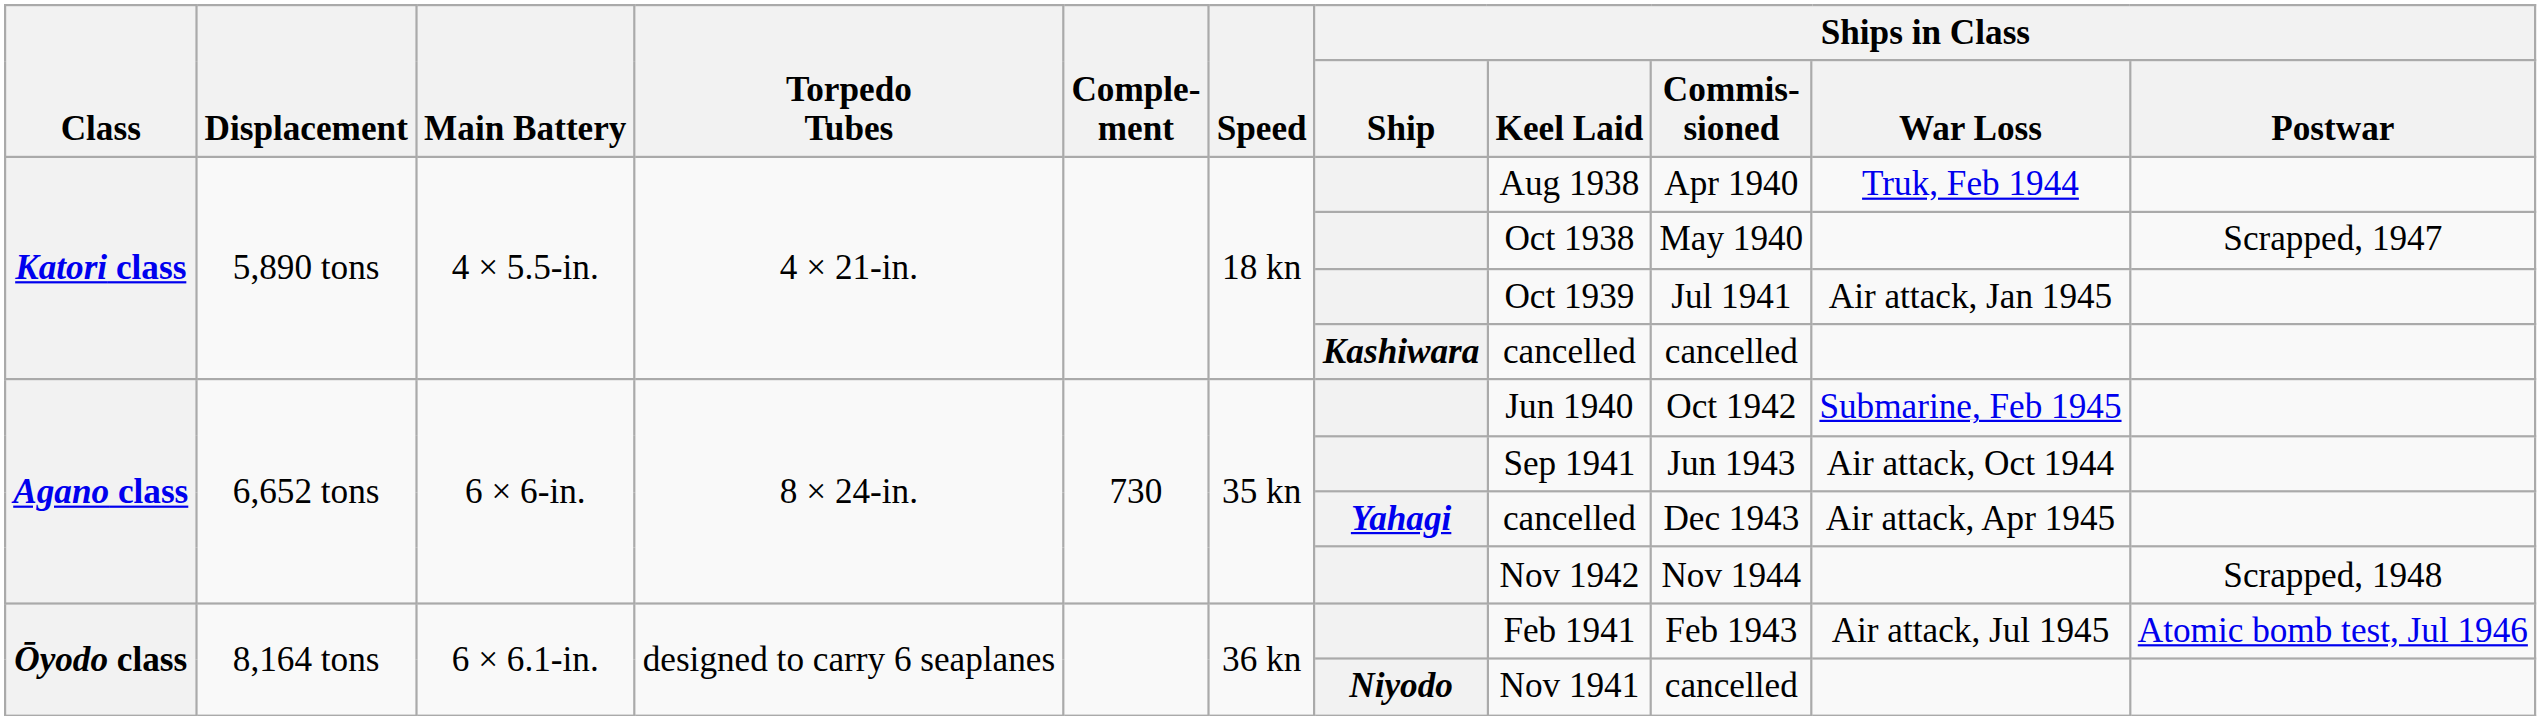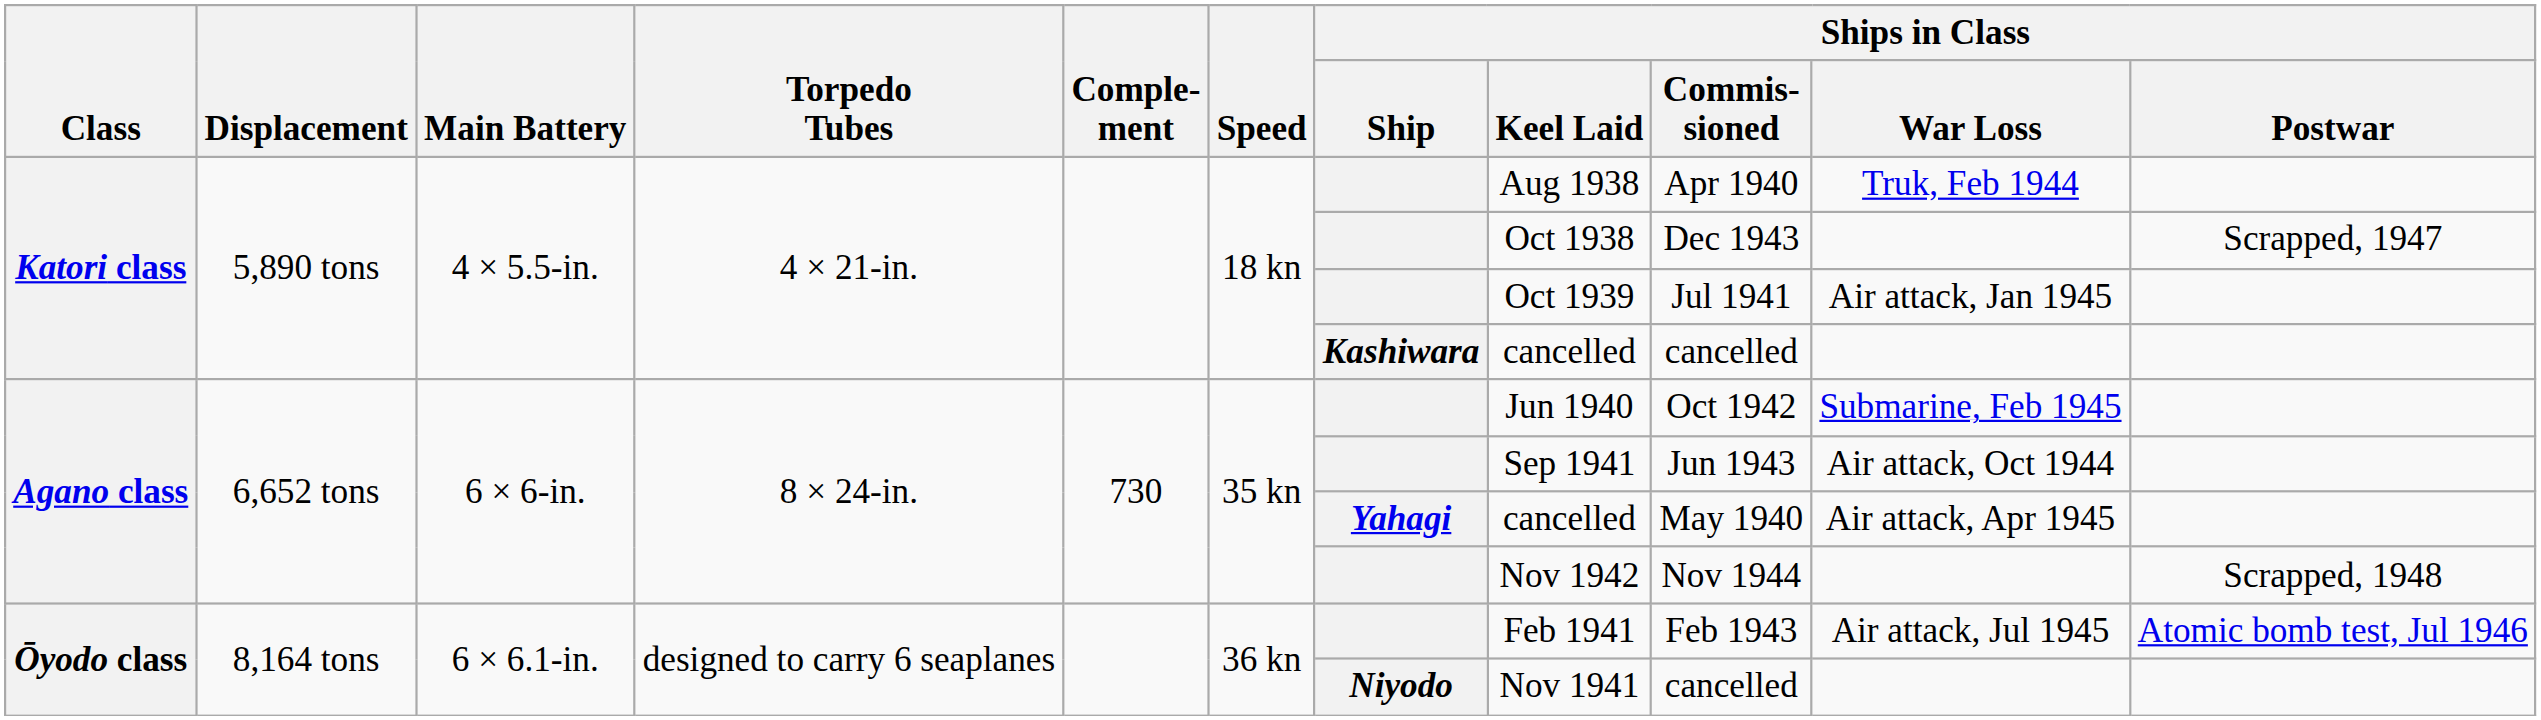 <table class="wikitable plainrowheaders" style="text-align: center;">
 <tr valign="bottom">
 <th scope="col" rowspan="2">Class</th>
 <th scope="col" rowspan="2">Displacement</th>
 <th scope="col" rowspan="2">Main Battery</th>
 <th scope="col" rowspan="2">Torpedo<br>Tubes</th>
 <th scope="col" rowspan="2">Comple-<br>ment</th>
 <th scope="col" rowspan="2">Speed</th>
 <th scope="col" colspan="5">Ships in Class</th>
 </tr>
 <tr valign="bottom">
 <th scope="col">Ship</th>
 <th scope="col">Keel Laid</th>
 <th scope="col">Commis-<br>sioned</th>
 <th scope="col">War Loss</th>
 <th scope="col">Postwar</th>
 </tr>
 <tr>
 <th scope="row" rowspan="4"><a href='#'><em>Katori</em> class</a></th>
 <td scope="row" rowspan="4" style="text-align: center">5,890 tons</td>
 <td scope="row" rowspan="4" style="text-align: center">4 × 5.5-in.</td>
 <td scope="row" rowspan="4" style="text-align: center">4 × 21-in.</td>
 <td scope="row" rowspan="4" style="text-align: center"></td>
 <td scope="row" rowspan="4" style="text-align: center">18 kn</td>
 <th scope="row"></th>
 <td scope="row" style="text-align: center">Aug 1938</td>
 <td scope="row" style="text-align: center">Apr 1940</td>
 <td scope="row" style="text-align: center"><a href='#'>Truk, Feb 1944</a></td>
 <td scope="row"></td>
 </tr>
 <tr>
 <th scope="row"></th>
 <td scope="row" style="text-align: center">Oct 1938</td>
-<td scope="row" style="text-align: center">May 1940</td>
+<td scope="row" style="text-align: center">Dec 1943</td>
 <td scope="row"></td>
 <td scope="row" style="text-align: center">Scrapped, 1947</td>
 </tr>
 <tr>
 <th scope="row"></th>
 <td scope="row" style="text-align: center">Oct 1939</td>
 <td scope="row" style="text-align: center">Jul 1941</td>
 <td scope="row" style="text-align: center">Air attack, Jan 1945</td>
 <td scope="row"></td>
 </tr>
 <tr>
 <th scope="row"><em>Kashiwara</em></th>
 <td scope="row" style="text-align: center">cancelled</td>
 <td scope="row" style="text-align: center">cancelled</td>
 <td scope="row"></td>
 <td scope="row"></td>
 </tr>
 <tr>
 <th scope="row" rowspan="4"><a href='#'><em>Agano</em> class</a></th>
 <td scope="row" rowspan="4" style="text-align: center">6,652 tons</td>
 <td scope="row" rowspan="4" style="text-align: center">6 × 6-in.</td>
 <td scope="row" rowspan="4" style="text-align: center">8 × 24-in.</td>
 <td scope="row" rowspan="4" style="text-align: center">730</td>
 <td scope="row" rowspan="4" style="text-align: center">35 kn</td>
 <th scope="row"></th>
 <td scope="row" style="text-align: center">Jun 1940</td>
 <td scope="row" style="text-align: center">Oct 1942</td>
 <td scope="row" style="text-align: center"><a href='#'>Submarine, Feb 1945</a></td>
 <td scope="row"></td>
 </tr>
 <tr>
 <th scope="row"></th>
 <td scope="row" style="text-align: center">Sep 1941</td>
 <td scope="row" style="text-align: center">Jun 1943</td>
 <td scope="row" style="text-align: center">Air attack, Oct 1944</td>
 <td scope="row"></td>
 </tr>
 <tr>
 <th scope="row"><a href='#'><em>Yahagi</em></a></th>
 <td scope="row" style="text-align: center">cancelled</td>
-<td scope="row" style="text-align: center">Dec 1943</td>
+<td scope="row" style="text-align: center">May 1940</td>
 <td scope="row" style="text-align: center">Air attack, Apr 1945</td>
 <td scope="row"></td>
 </tr>
 <tr>
 <th scope="row"></th>
 <td scope="row" style="text-align: center">Nov 1942</td>
 <td scope="row" style="text-align: center">Nov 1944</td>
 <td scope="row"></td>
 <td scope="row" style="text-align: center">Scrapped, 1948</td>
 </tr>
 <tr>
 <th scope="row" rowspan="2"><em>Ōyodo</em> class</th>
 <td scope="row" rowspan="2" style="text-align: center">8,164 tons</td>
 <td scope="row" rowspan="2" style="text-align: center">6 × 6.1-in.</td>
 <td scope="row" rowspan="2" style="text-align: center">designed to carry 6 seaplanes</td>
 <td scope="row" rowspan="2" style="text-align: center"></td>
 <td scope="row" rowspan="2" style="text-align: center">36 kn</td>
 <th scope="row"></th>
 <td scope="row" style="text-align: center">Feb 1941</td>
 <td scope="row" style="text-align: center">Feb 1943</td>
 <td scope="row" style="text-align: center">Air attack, Jul 1945</td>
 <td scope="row" style="text-align: center"><a href='#'>Atomic bomb test, Jul 1946</a></td>
 </tr>
 <tr>
 <th scope="row"><em>Niyodo</em></th>
 <td scope="row" style="text-align: center">Nov 1941</td>
 <td scope="row" style="text-align: center">cancelled</td>
 <td scope="row"></td>
 <td scope="row"></td>
 </tr>
 </table>
